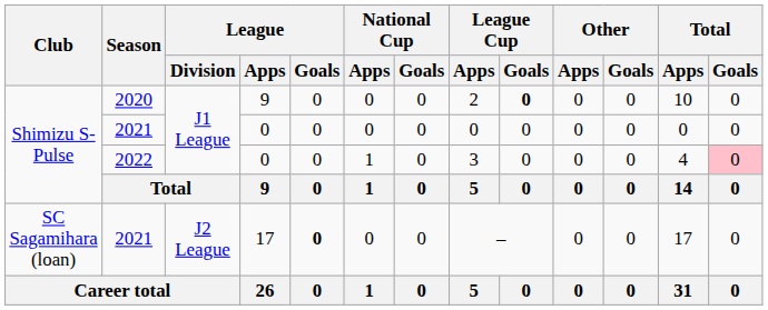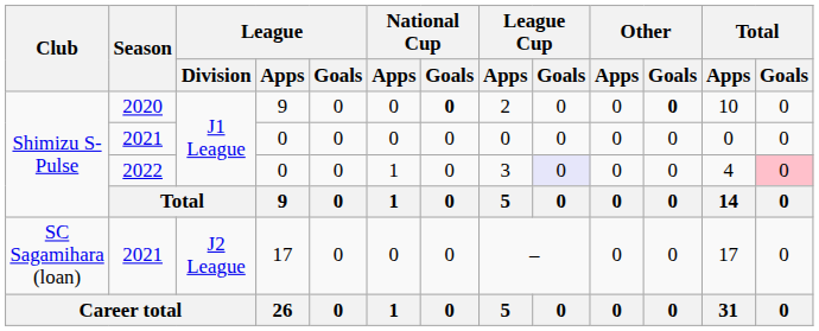 <table class="wikitable" style="text-align:center">
 <tr>
 <th rowspan="2">Club</th>
 <th rowspan="2">Season</th>
 <th colspan="3">League</th>
 <th colspan="2">National Cup</th>
 <th colspan="2">League Cup</th>
 <th colspan="2">Other</th>
 <th colspan="2">Total</th>
 </tr>
 <tr>
 <th>Division</th>
 <th>Apps</th>
 <th>Goals</th>
 <th>Apps</th>
 <th>Goals</th>
 <th>Apps</th>
 <th>Goals</th>
 <th>Apps</th>
 <th>Goals</th>
 <th>Apps</th>
 <th>Goals</th>
 </tr>
 <tr>
 <td rowspan="4"><a href='#'>Shimizu S-Pulse</a></td>
 <td><a href='#'>2020</a></td>
 <td rowspan="3"><a href='#'>J1 League</a></td>
 <td>9</td>
 <td>0</td>
 <td>0</td>
-<td>0</td>
+<td><strong>0</strong></td>
 <td>2</td>
-<td><strong>0</strong></td>
 <td>0</td>
 <td>0</td>
+<td><strong>0</strong></td>
 <td>10</td>
 <td>0</td>
 </tr>
 <tr>
 <td><a href='#'>2021</a></td>
 <td>0</td>
 <td>0</td>
 <td>0</td>
 <td>0</td>
 <td>0</td>
 <td>0</td>
 <td>0</td>
 <td>0</td>
 <td>0</td>
 <td>0</td>
 </tr>
 <tr>
 <td><a href='#'>2022</a></td>
 <td>0</td>
 <td>0</td>
 <td>1</td>
 <td>0</td>
 <td>3</td>
-<td>0</td>
+<td style="background: lavender;">0</td>
 <td>0</td>
 <td>0</td>
 <td>4</td>
 <td style="background: pink;">0</td>
 </tr>
 <tr>
 <th colspan="2">Total</th>
 <th>9</th>
 <th>0</th>
 <th>1</th>
 <th>0</th>
 <th>5</th>
 <th>0</th>
 <th>0</th>
 <th>0</th>
 <th>14</th>
 <th>0</th>
 </tr>
 <tr>
 <td><a href='#'>SC Sagamihara</a> (loan)</td>
 <td><a href='#'>2021</a></td>
 <td><a href='#'>J2 League</a></td>
 <td>17</td>
-<td><strong>0</strong></td>
+<td>0</td>
 <td>0</td>
 <td>0</td>
 <td colspan="2">–</td>
 <td>0</td>
 <td>0</td>
 <td>17</td>
 <td>0</td>
 </tr>
 <tr>
 <th colspan="3">Career total</th>
 <th>26</th>
 <th>0</th>
 <th>1</th>
 <th>0</th>
 <th>5</th>
 <th>0</th>
 <th>0</th>
 <th>0</th>
 <th>31</th>
 <th>0</th>
 </tr>
 </table>
